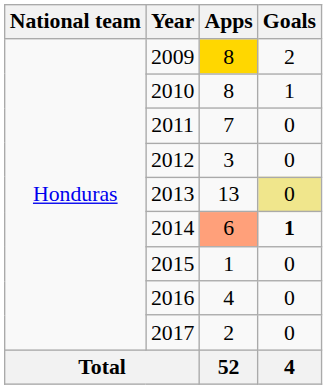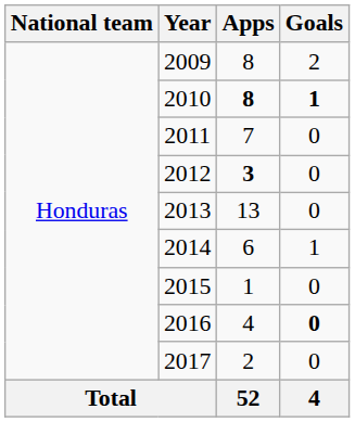 <table class="wikitable" style="text-align: center;">
 <tr>
 <th>National team</th>
 <th>Year</th>
 <th>Apps</th>
 <th>Goals</th>
 </tr>
 <tr>
 <td rowspan="9"><a href='#'>Honduras</a></td>
 <td>2009</td>
-<td style="background: gold;">8</td>
+<td>8</td>
 <td>2</td>
 </tr>
 <tr>
 <td>2010</td>
-<td>8</td>
-<td>1</td>
+<td><strong>8</strong></td>
+<td><strong>1</strong></td>
 </tr>
 <tr>
 <td>2011</td>
 <td>7</td>
 <td>0</td>
 </tr>
 <tr>
 <td>2012</td>
-<td>3</td>
+<td><strong>3</strong></td>
 <td>0</td>
 </tr>
 <tr>
 <td>2013</td>
 <td>13</td>
-<td style="background: khaki;">0</td>
+<td>0</td>
 </tr>
 <tr>
 <td>2014</td>
-<td style="background: lightsalmon;">6</td>
-<td><strong>1</strong></td>
+<td>6</td>
+<td>1</td>
 </tr>
 <tr>
 <td>2015</td>
 <td>1</td>
 <td>0</td>
 </tr>
 <tr>
 <td>2016</td>
 <td>4</td>
-<td>0</td>
+<td><strong>0</strong></td>
 </tr>
 <tr>
 <td>2017</td>
 <td>2</td>
 <td>0</td>
 </tr>
 <tr>
 <th colspan="2">Total</th>
 <th>52</th>
 <th>4</th>
 </tr>
 </table>
